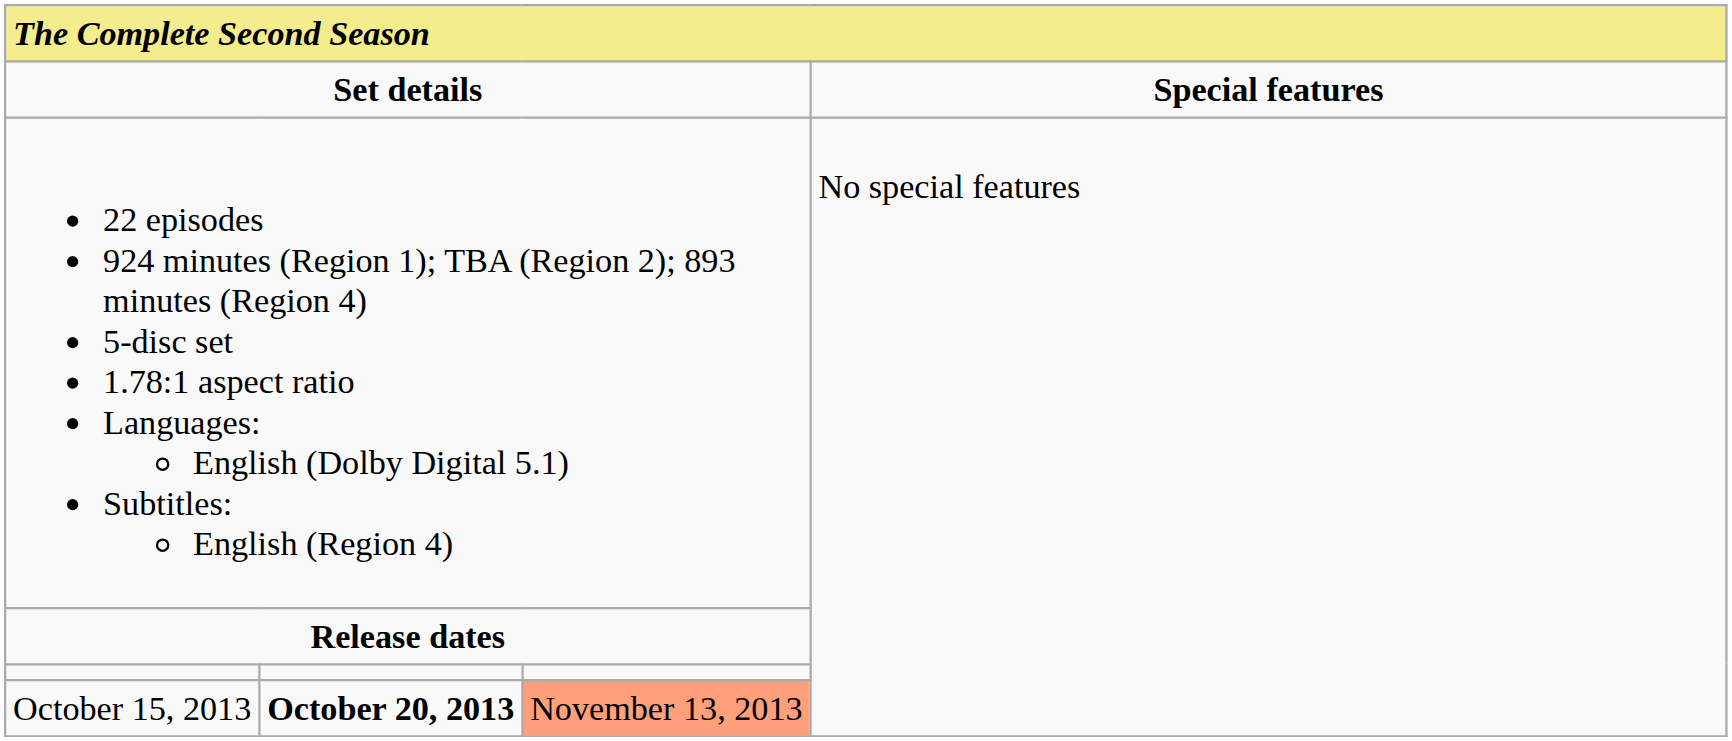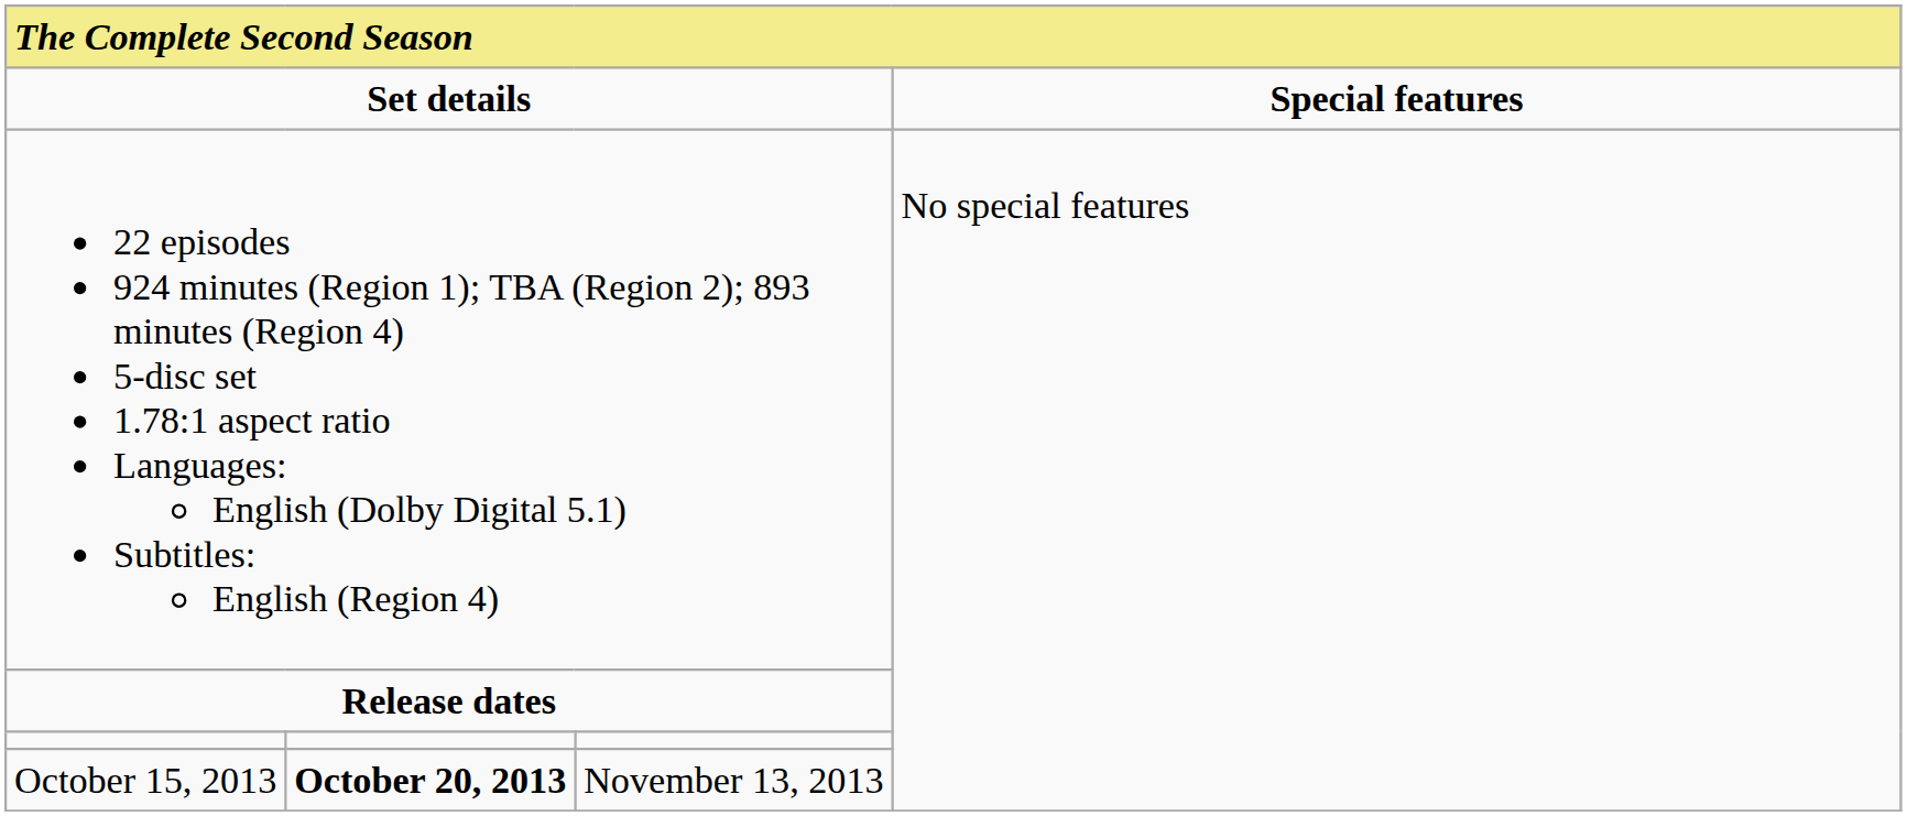 <table class="wikitable" style="font-size:95%;">
 <tr style="background:#F3ED8D">
 <td colspan="6"><strong><em>The Complete Second Season</em></strong></td>
 </tr>
 <tr>
 <td align="center" width="300" colspan="3"><strong>Set details</strong></td>
 <td width="400" align="center"><strong>Special features</strong></td>
 </tr>
 <tr valign="top">
 <td colspan="3" align="left" width="300"><br><ul><li>22 episodes</li><li>924 minutes (Region 1); TBA (Region 2); 893 minutes (Region 4)</li><li>5-disc set</li><li>1.78:1 aspect ratio</li><li>Languages:<ul><li>English (Dolby Digital 5.1)</li></ul></li><li>Subtitles:<ul><li>English (Region 4)</li></ul></li></ul></td>
 <td rowspan="4" align="left" width="400"><br>No special features</td>
 </tr>
 <tr>
 <td colspan="3" align="center"><strong>Release dates</strong></td>
 </tr>
 <tr>
 <td align="center"></td>
 <td align="center"></td>
 <td align="center"></td>
 </tr>
 <tr>
 <td align="center">October 15, 2013</td>
 <td align="center"><strong>October 20, 2013</strong></td>
-<td align="center" style="background: lightsalmon;">November 13, 2013</td>
+<td align="center">November 13, 2013</td>
 </tr>
 </table>
